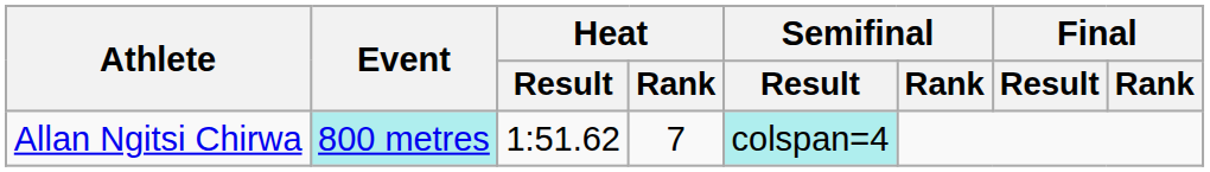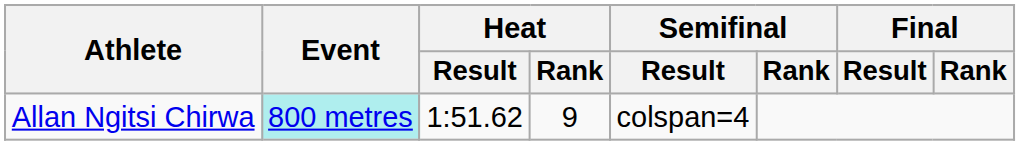 <table class="wikitable" style="font-size:90%">
 <tr>
 <th rowspan="2">Athlete</th>
 <th rowspan="2">Event</th>
 <th colspan="2">Heat</th>
 <th colspan="2">Semifinal</th>
 <th colspan="2">Final</th>
 </tr>
 <tr style="font-size:95%">
 <th>Result</th>
 <th>Rank</th>
 <th>Result</th>
 <th>Rank</th>
 <th>Result</th>
 <th>Rank</th>
 </tr>
 <tr align=center>
 <td align=left><a href='#'>Allan Ngitsi Chirwa</a></td>
 <td align=left style="background: paleturquoise;"><a href='#'>800 metres</a></td>
 <td>1:51.62 </td>
-<td>7</td>
-<td style="background: paleturquoise;">colspan=4 </td>
+<td>9</td>
+<td>colspan=4 </td>
 </tr>
 </table>
